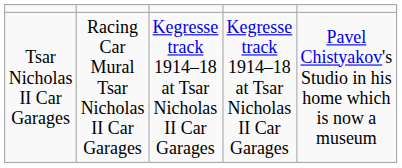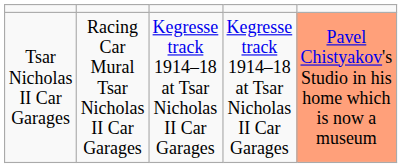 <table Class = "wikitable" style = "text-align: center">
 <tr>
 <td style="width:25px;"></td>
 <td style="width:25px;"></td>
 <td style="width:25px;"></td>
 <td style="width:25px;"></td>
 <td style="width:25px;"></td>
 </tr>
 <tr>
 <td>Tsar Nicholas II Car Garages</td>
 <td>Racing Car Mural Tsar Nicholas II Car Garages</td>
 <td><a href='#'>Kegresse track</a> 1914–18 at Tsar Nicholas II Car Garages</td>
 <td><a href='#'>Kegresse track</a> 1914–18 at Tsar Nicholas II Car Garages</td>
-<td><a href='#'>Pavel Chistyakov</a>'s Studio in his home which is now a museum</td>
+<td style="background: lightsalmon;"><a href='#'>Pavel Chistyakov</a>'s Studio in his home which is now a museum</td>
 </tr>
 </table>
